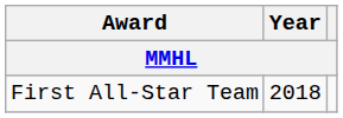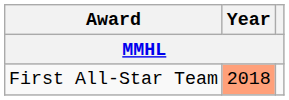 <table class="wikitable">
 <tr>
 <th>Award</th>
 <th>Year</th>
 <th></th>
 </tr>
 <tr>
 <th colspan="3"><a href='#'>MMHL</a></th>
 </tr>
 <tr>
 <td>First All-Star Team</td>
-<td>2018</td>
+<td style="background: lightsalmon;">2018</td>
 <td></td>
 </tr>
 </table>
